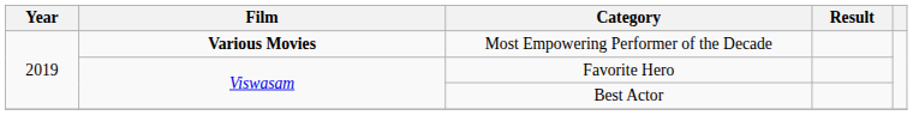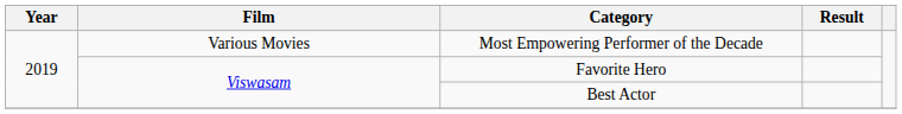 <table class="wikitable sortable" style="width:100%;">
 <tr>
 <th style="width:5%;">Year</th>
 <th style="width:25%;">Film</th>
 <th style="width:25%;">Category</th>
 <th style="width:5%;">Result</th>
 <th style="width:1%;" class="unsortable"></th>
 </tr>
 <tr>
 <td style="text-align:center;" rowspan="3">2019</td>
-<td style="text-align:center;"><strong>Various Movies</strong></td>
+<td style="text-align:center;">Various Movies</td>
 <td style="text-align:center;">Most Empowering Performer of the Decade</td>
 <td></td>
 <td rowspan="3"></td>
 </tr>
 <tr>
 <td style="text-align:center;" rowspan="2"><em><a href='#'>Viswasam</a></em></td>
 <td style="text-align:center;">Favorite Hero</td>
 <td></td>
 </tr>
 <tr>
 <td style="text-align:center;">Best Actor</td>
 <td></td>
 </tr>
 <tr>
 </tr>
 </table>
